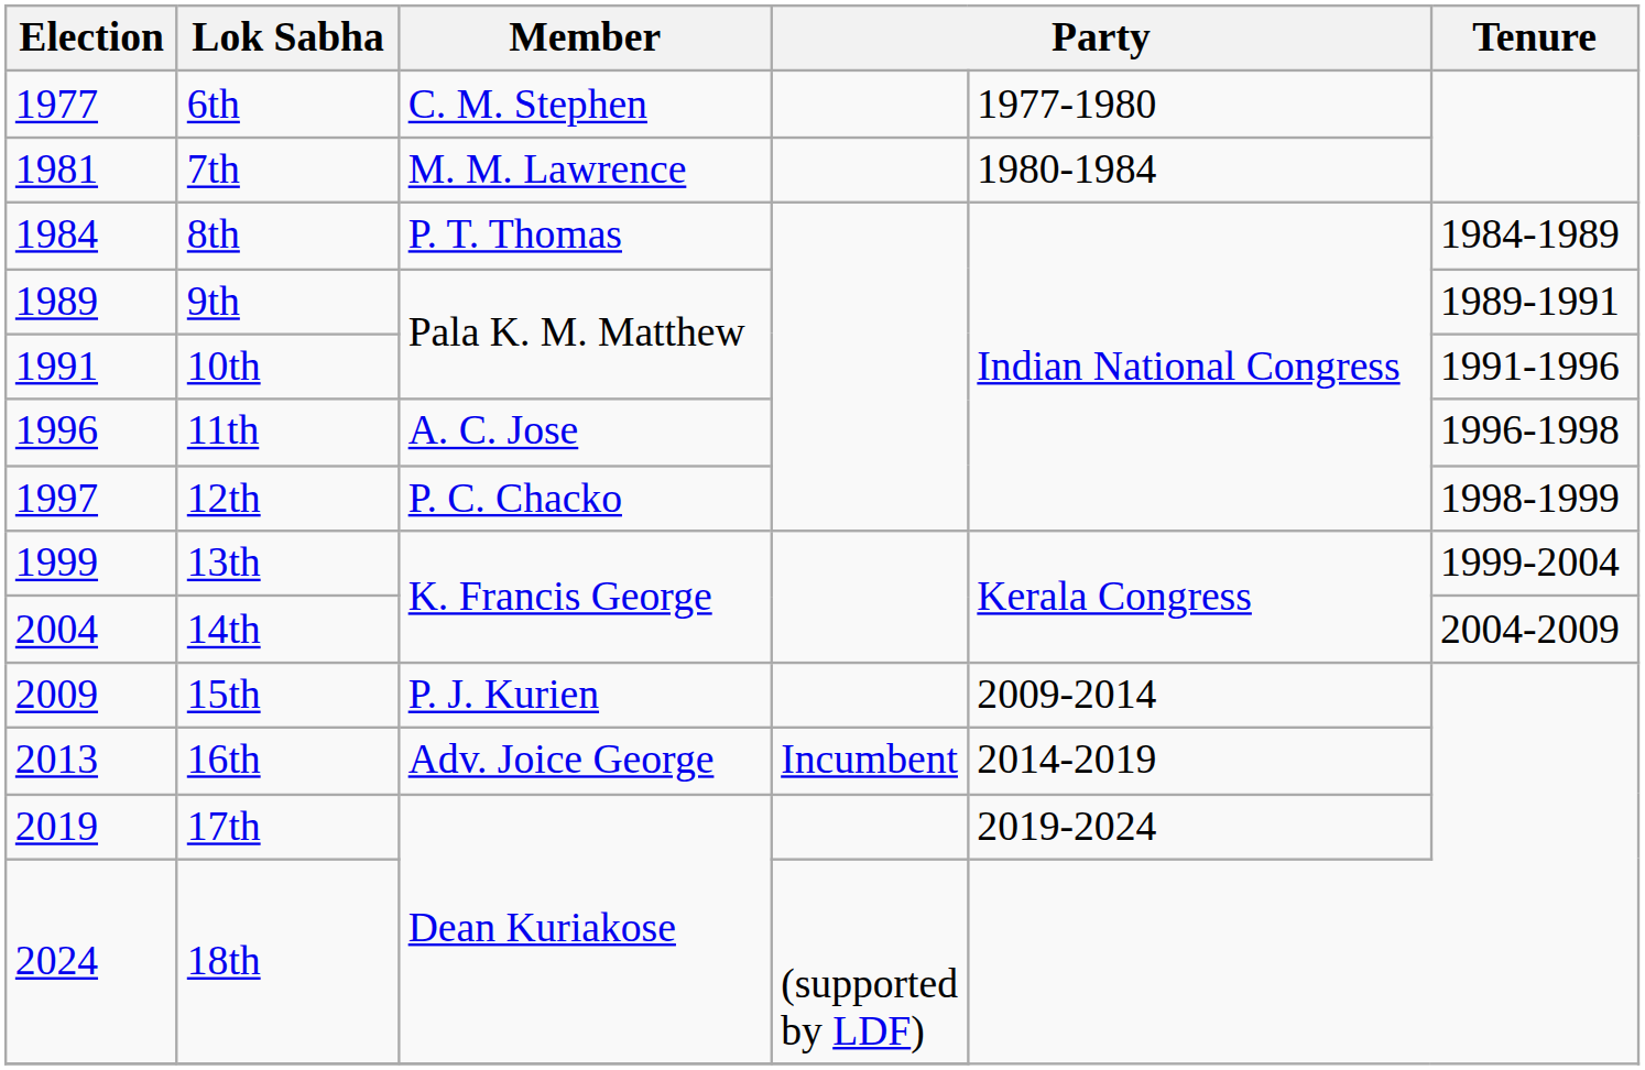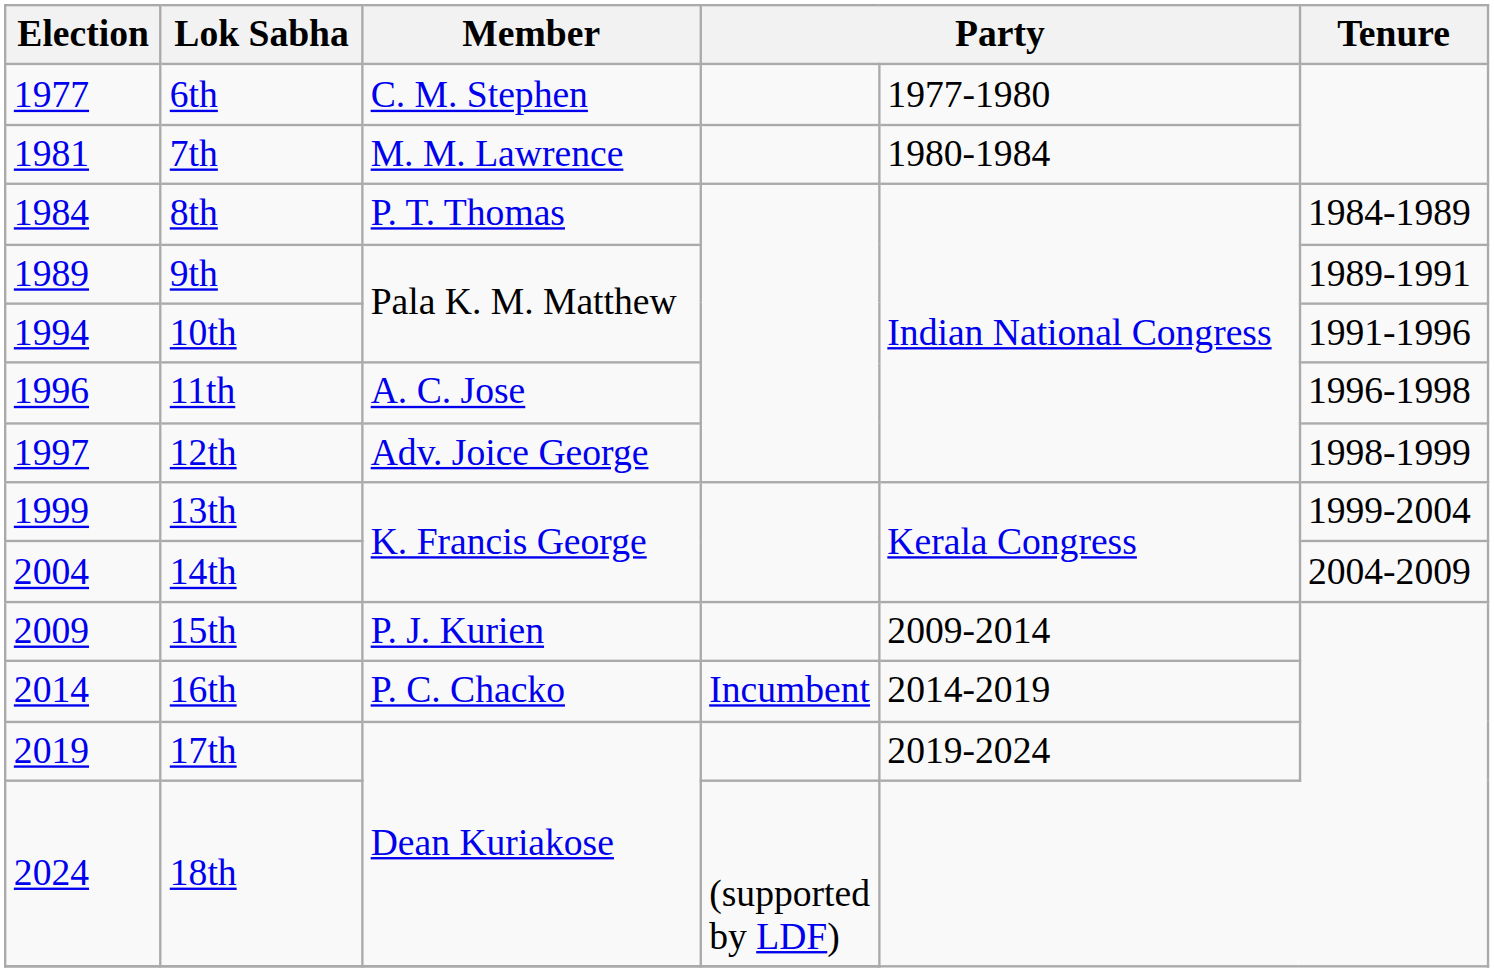 <table class="wikitable sortable" width="50%">
 <tr>
 <th>Election</th>
 <th>Lok Sabha</th>
 <th>Member</th>
 <th colspan="2">Party</th>
 <th>Tenure</th>
 </tr>
 <tr>
 <td><a href='#'>1977</a></td>
 <td><a href='#'>6th</a></td>
 <td><a href='#'>C. M. Stephen</a></td>
 <td></td>
 <td>1977-1980</td>
 </tr>
 <tr>
 <td><a href='#'>1981</a></td>
 <td><a href='#'>7th</a></td>
 <td><a href='#'>M. M. Lawrence</a></td>
 <td></td>
 <td>1980-1984</td>
 </tr>
 <tr>
 <td><a href='#'>1984</a></td>
 <td><a href='#'>8th</a></td>
 <td><a href='#'>P. T. Thomas</a></td>
 <td rowspan="5" width="4px" style="background-color: "></td>
 <td rowspan="5"><a href='#'>Indian National Congress</a></td>
 <td>1984-1989</td>
 </tr>
 <tr>
 <td><a href='#'>1989</a></td>
 <td><a href='#'>9th</a></td>
 <td rowspan="2">Pala K. M. Matthew</td>
 <td>1989-1991</td>
 </tr>
 <tr>
-<td><a href='#'>1991</a></td>
+<td><a href='#'>1994</a></td>
 <td><a href='#'>10th</a></td>
 <td>1991-1996</td>
 </tr>
 <tr>
 <td><a href='#'>1996</a></td>
 <td><a href='#'>11th</a></td>
 <td><a href='#'>A. C. Jose</a></td>
 <td>1996-1998</td>
 </tr>
 <tr>
 <td><a href='#'>1997</a></td>
 <td><a href='#'>12th</a></td>
-<td><a href='#'>P. C. Chacko</a></td>
+<td><a href='#'>Adv. Joice George</a></td>
 <td>1998-1999</td>
 </tr>
 <tr>
 <td><a href='#'>1999</a></td>
 <td><a href='#'>13th</a></td>
 <td rowspan="2"><a href='#'>K. Francis George</a></td>
 <td rowspan="2" width="4px" style="background-color: "></td>
 <td rowspan="2"><a href='#'>Kerala Congress</a></td>
 <td>1999-2004</td>
 </tr>
 <tr>
 <td><a href='#'>2004</a></td>
 <td><a href='#'>14th</a></td>
 <td>2004-2009</td>
 </tr>
 <tr>
 <td><a href='#'>2009</a></td>
 <td><a href='#'>15th</a></td>
 <td><a href='#'>P. J. Kurien</a></td>
 <td></td>
 <td>2009-2014</td>
 </tr>
 <tr>
-<td><a href='#'>2013</a></td>
+<td><a href='#'>2014</a></td>
 <td><a href='#'>16th</a></td>
-<td><a href='#'>Adv. Joice George</a></td>
+<td><a href='#'>P. C. Chacko</a></td>
 <td><a href='#'>Incumbent</a></td>
 <td>2014-2019</td>
 </tr>
 <tr>
 <td><a href='#'>2019</a></td>
 <td><a href='#'>17th</a></td>
 <td rowspan=2><a href='#'>Dean Kuriakose</a></td>
 <td></td>
 <td>2019-2024</td>
 </tr>
 <tr>
 <td><a href='#'>2024</a></td>
 <td><a href='#'>18th</a></td>
 <td><br><br>(supported by <a href='#'>LDF</a>)</td>
 </tr>
 <tr>
 </tr>
 </table>
